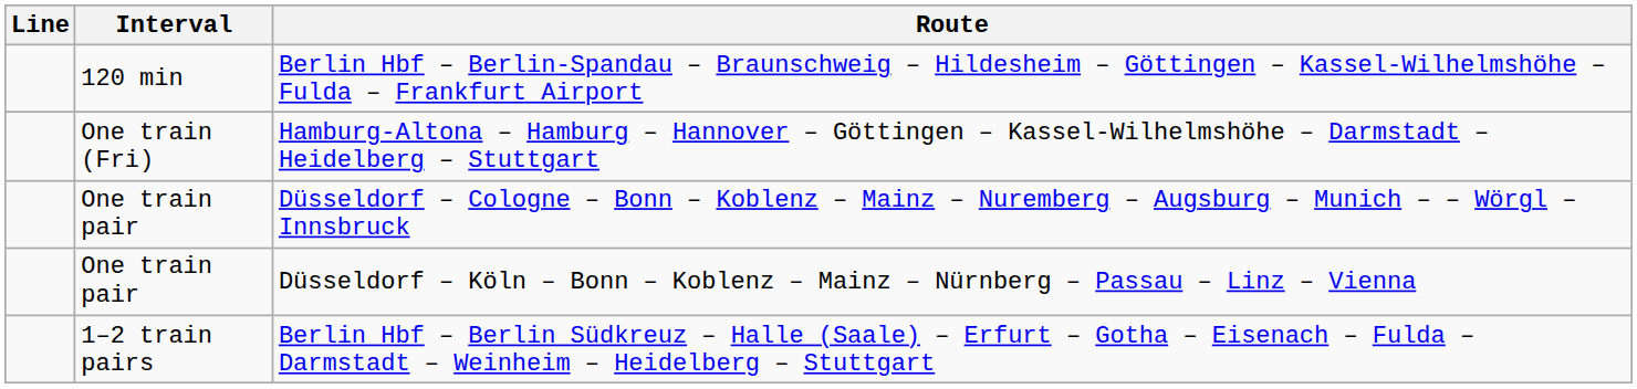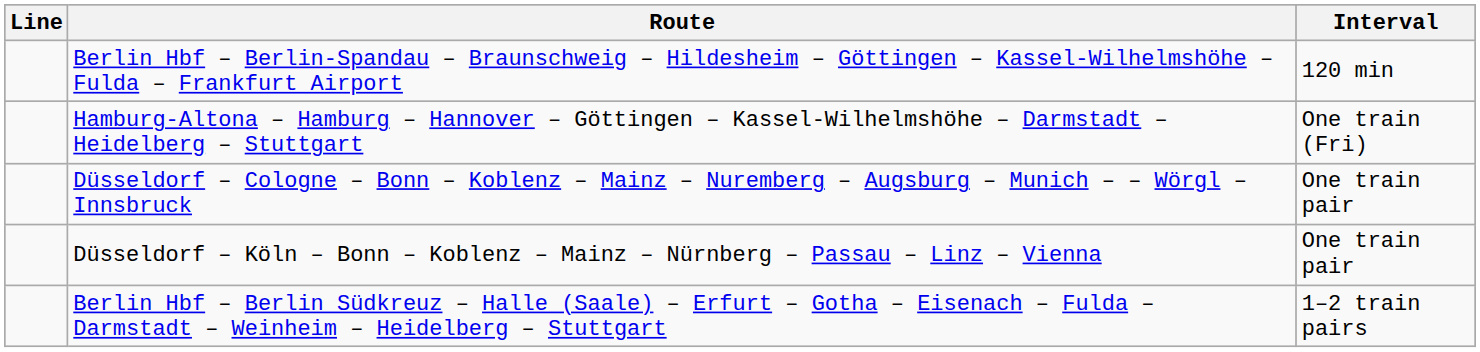 <table class="wikitable">
 <tr>
 <th>Line</th>
+<th>Route</th>
 <th>Interval</th>
-<th>Route</th>
 </tr>
 <tr>
 <td></td>
+<td> <a href='#'>Berlin Hbf</a> – <a href='#'>Berlin-Spandau</a> – <a href='#'>Braunschweig</a> – <a href='#'>Hildesheim</a> – <a href='#'>Göttingen</a> – <a href='#'>Kassel-Wilhelmshöhe</a> – <a href='#'>Fulda</a> –  <a href='#'>Frankfurt Airport</a></td>
 <td>120 min</td>
-<td> <a href='#'>Berlin Hbf</a> – <a href='#'>Berlin-Spandau</a> – <a href='#'>Braunschweig</a> – <a href='#'>Hildesheim</a> – <a href='#'>Göttingen</a> – <a href='#'>Kassel-Wilhelmshöhe</a> – <a href='#'>Fulda</a> –  <a href='#'>Frankfurt Airport</a></td>
 </tr>
 <tr>
 <td></td>
+<td><a href='#'>Hamburg-Altona</a> – <a href='#'>Hamburg</a> – <a href='#'>Hannover</a> – Göttingen – Kassel-Wilhelmshöhe –  <a href='#'>Darmstadt</a> – <a href='#'>Heidelberg</a> – <a href='#'>Stuttgart</a></td>
 <td>One train (Fri)</td>
-<td><a href='#'>Hamburg-Altona</a> – <a href='#'>Hamburg</a> – <a href='#'>Hannover</a> – Göttingen – Kassel-Wilhelmshöhe –  <a href='#'>Darmstadt</a> – <a href='#'>Heidelberg</a> – <a href='#'>Stuttgart</a></td>
 </tr>
 <tr>
 <td></td>
+<td><a href='#'>Düsseldorf</a> – <a href='#'>Cologne</a> – <a href='#'>Bonn</a> – <a href='#'>Koblenz</a> – <a href='#'>Mainz</a> –   <a href='#'>Nuremberg</a> – <a href='#'>Augsburg</a> – <a href='#'>Munich</a> –  – <a href='#'>Wörgl</a> – <a href='#'>Innsbruck</a></td>
 <td>One train pair</td>
-<td><a href='#'>Düsseldorf</a> – <a href='#'>Cologne</a> – <a href='#'>Bonn</a> – <a href='#'>Koblenz</a> – <a href='#'>Mainz</a> –   <a href='#'>Nuremberg</a> – <a href='#'>Augsburg</a> – <a href='#'>Munich</a> –  – <a href='#'>Wörgl</a> – <a href='#'>Innsbruck</a></td>
 </tr>
 <tr>
 <td></td>
+<td>Düsseldorf – Köln – Bonn – Koblenz – Mainz –   Nürnberg –  <a href='#'>Passau</a> – <a href='#'>Linz</a> –   <a href='#'>Vienna</a></td>
 <td>One train pair</td>
-<td>Düsseldorf – Köln – Bonn – Koblenz – Mainz –   Nürnberg –  <a href='#'>Passau</a> – <a href='#'>Linz</a> –   <a href='#'>Vienna</a></td>
 </tr>
 <tr>
 <td></td>
+<td><a href='#'>Berlin Hbf</a> – <a href='#'>Berlin Südkreuz</a> – <a href='#'>Halle (Saale)</a> – <a href='#'>Erfurt</a> – <a href='#'>Gotha</a> – <a href='#'>Eisenach</a> – <a href='#'>Fulda</a> –  <a href='#'>Darmstadt</a> – <a href='#'>Weinheim</a> – <a href='#'>Heidelberg</a> – <a href='#'>Stuttgart</a></td>
 <td>1–2 train pairs</td>
-<td><a href='#'>Berlin Hbf</a> – <a href='#'>Berlin Südkreuz</a> – <a href='#'>Halle (Saale)</a> – <a href='#'>Erfurt</a> – <a href='#'>Gotha</a> – <a href='#'>Eisenach</a> – <a href='#'>Fulda</a> –  <a href='#'>Darmstadt</a> – <a href='#'>Weinheim</a> – <a href='#'>Heidelberg</a> – <a href='#'>Stuttgart</a></td>
 </tr>
 </table>
